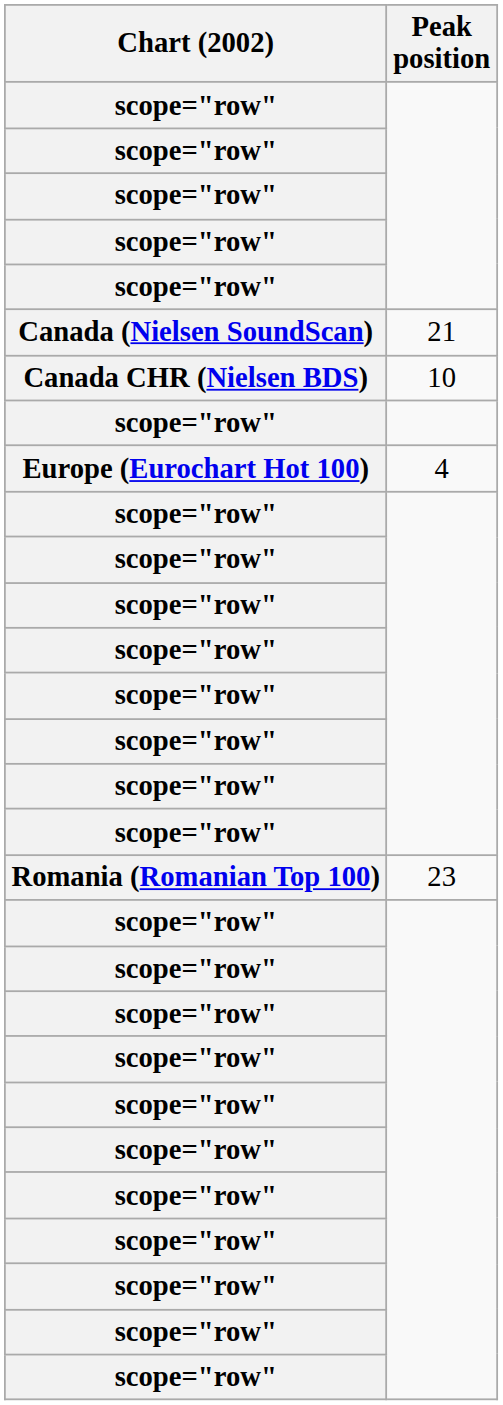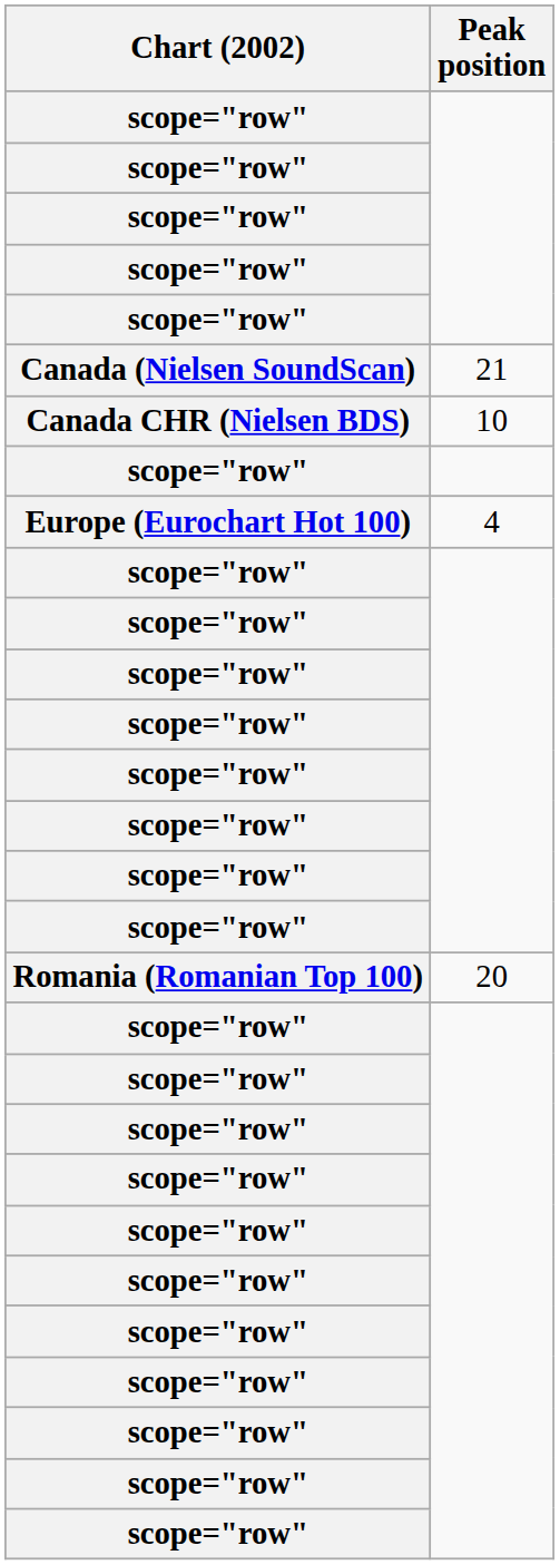 <table class="wikitable sortable plainrowheaders" style="text-align:center">
 <tr>
 <th scope="col">Chart (2002)</th>
 <th scope="col">Peak<br>position</th>
 </tr>
 <tr>
 <th>scope="row"</th>
 </tr>
 <tr>
 <th>scope="row"</th>
 </tr>
 <tr>
 <th>scope="row"</th>
 </tr>
 <tr>
 <th>scope="row"</th>
 </tr>
 <tr>
 <th>scope="row"</th>
 </tr>
 <tr>
 <th scope="row">Canada (<a href='#'>Nielsen SoundScan</a>)</th>
 <td>21</td>
 </tr>
 <tr>
 <th scope="row">Canada CHR (<a href='#'>Nielsen BDS</a>)</th>
 <td>10</td>
 </tr>
 <tr>
 <th>scope="row"</th>
 </tr>
 <tr>
 <th scope="row">Europe (<a href='#'>Eurochart Hot 100</a>)</th>
 <td>4</td>
 </tr>
 <tr>
 <th>scope="row"</th>
 </tr>
 <tr>
 <th>scope="row"</th>
 </tr>
 <tr>
 <th>scope="row"</th>
 </tr>
 <tr>
 <th>scope="row"</th>
 </tr>
 <tr>
 <th>scope="row"</th>
 </tr>
 <tr>
 <th>scope="row"</th>
 </tr>
 <tr>
 <th>scope="row"</th>
 </tr>
 <tr>
 <th>scope="row"</th>
 </tr>
 <tr>
 <th scope="row">Romania (<a href='#'>Romanian Top 100</a>)</th>
-<td>23</td>
+<td>20</td>
 </tr>
 <tr>
 <th>scope="row"</th>
 </tr>
 <tr>
 <th>scope="row"</th>
 </tr>
 <tr>
 <th>scope="row"</th>
 </tr>
 <tr>
 <th>scope="row"</th>
 </tr>
 <tr>
 <th>scope="row"</th>
 </tr>
 <tr>
 <th>scope="row"</th>
 </tr>
 <tr>
 <th>scope="row"</th>
 </tr>
 <tr>
 <th>scope="row"</th>
 </tr>
 <tr>
 <th>scope="row"</th>
 </tr>
 <tr>
 <th>scope="row"</th>
 </tr>
 <tr>
 <th>scope="row"</th>
 </tr>
 </table>
